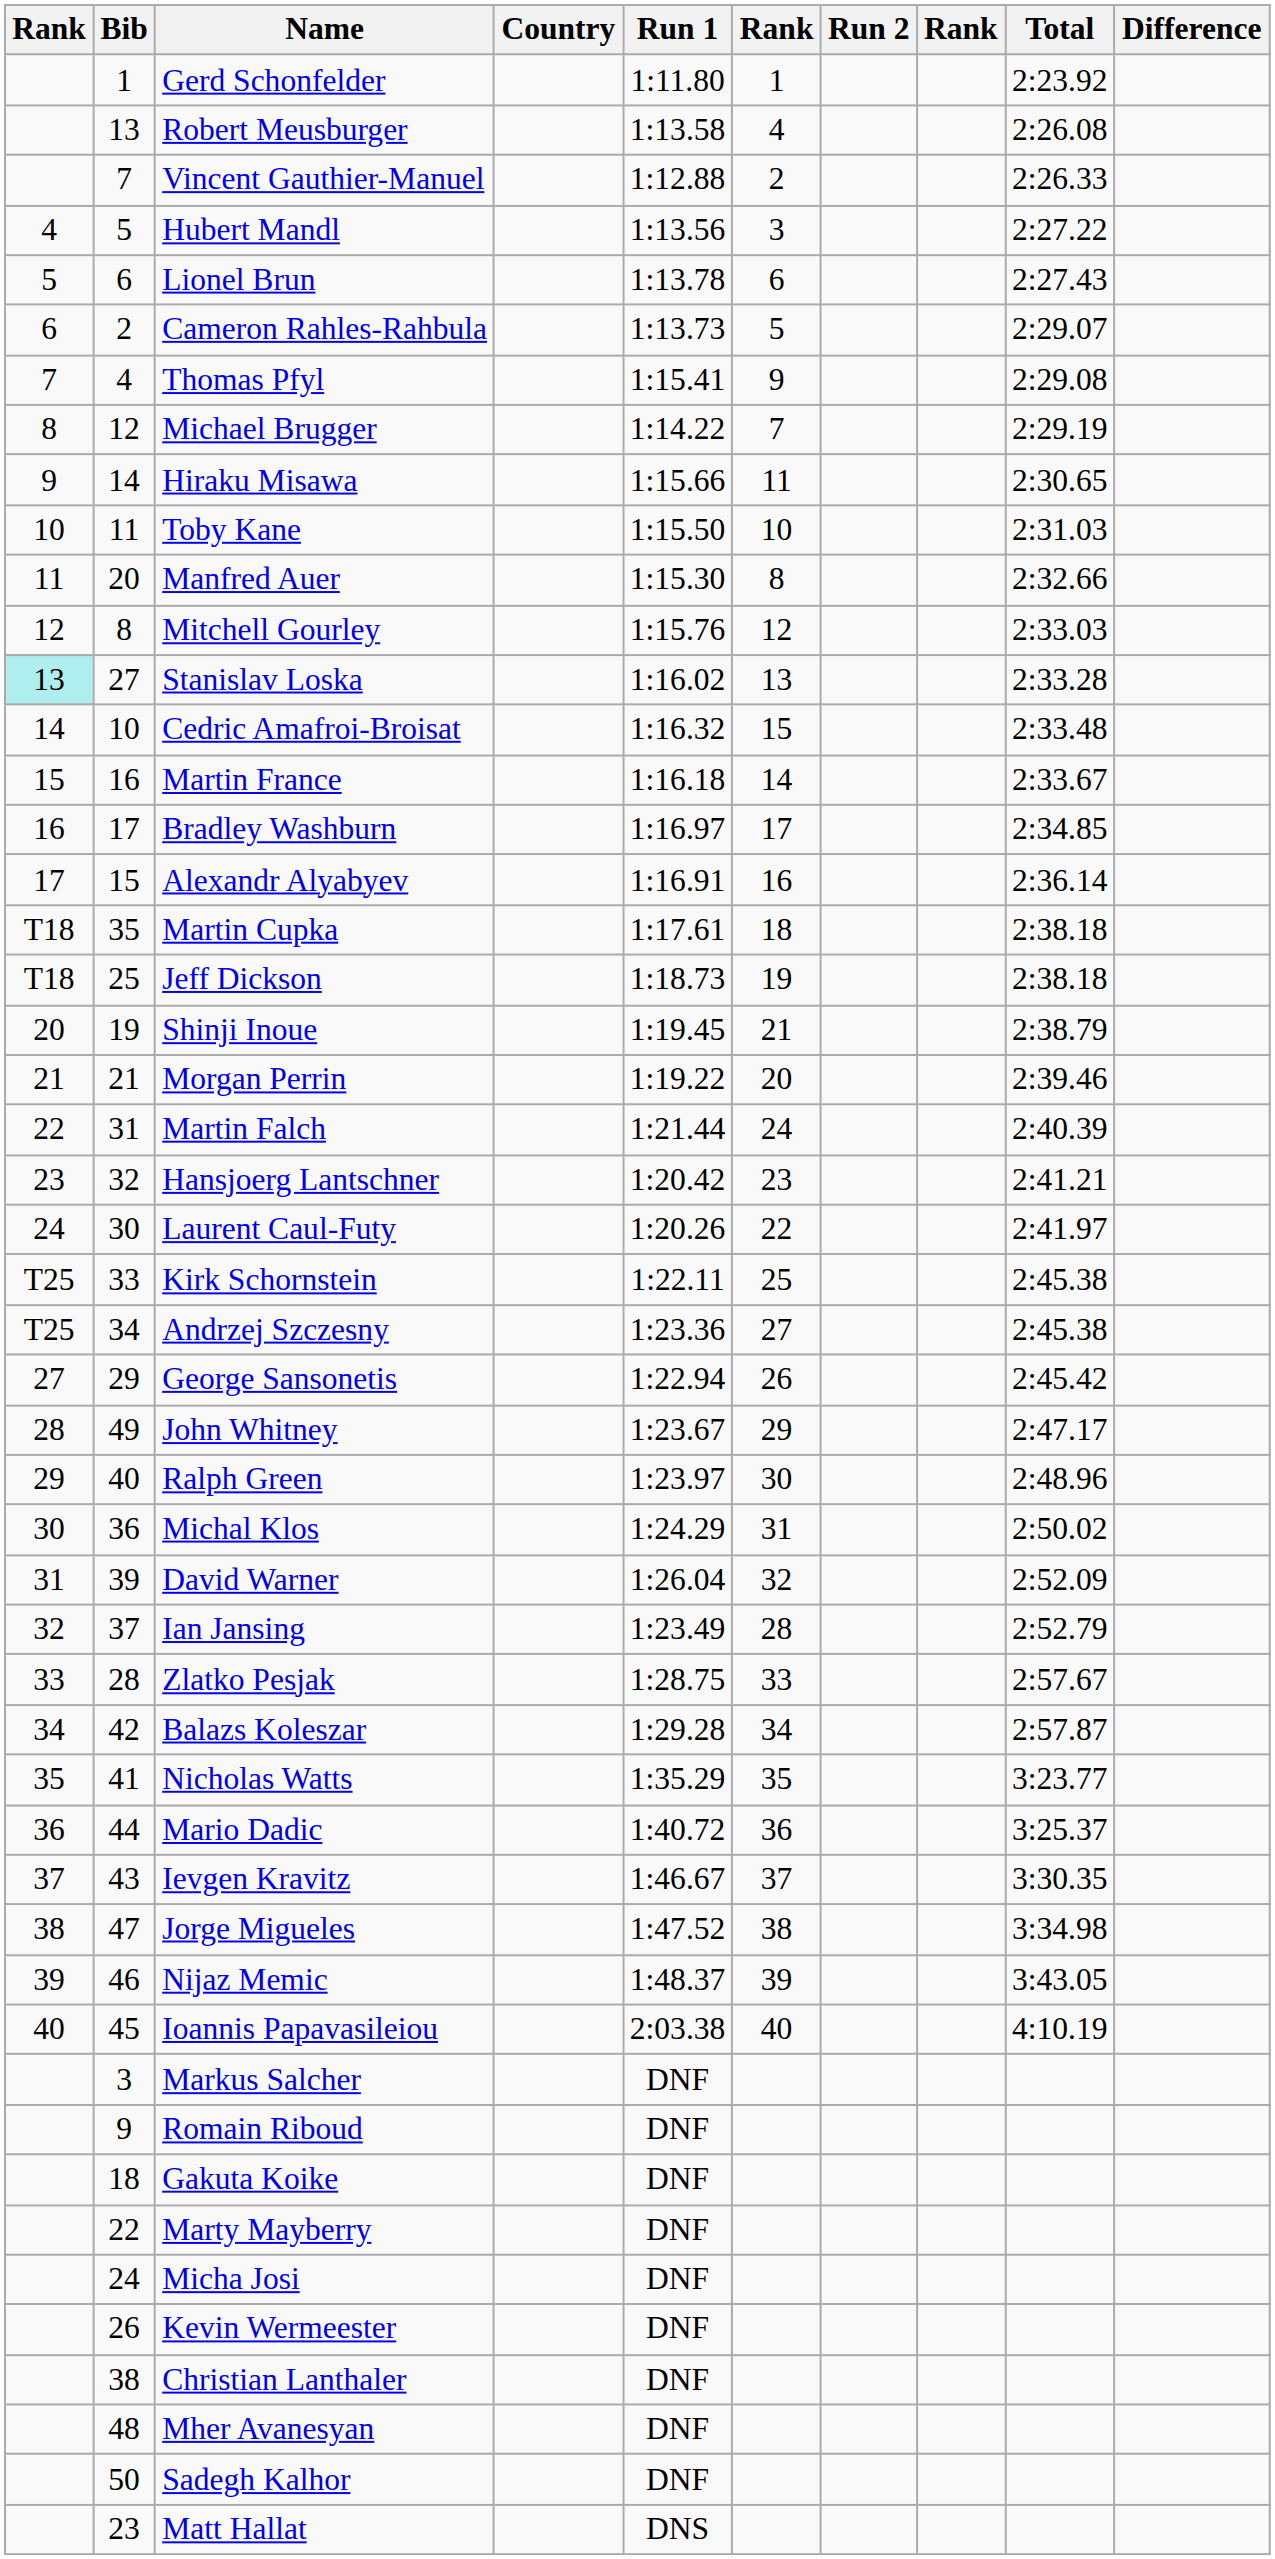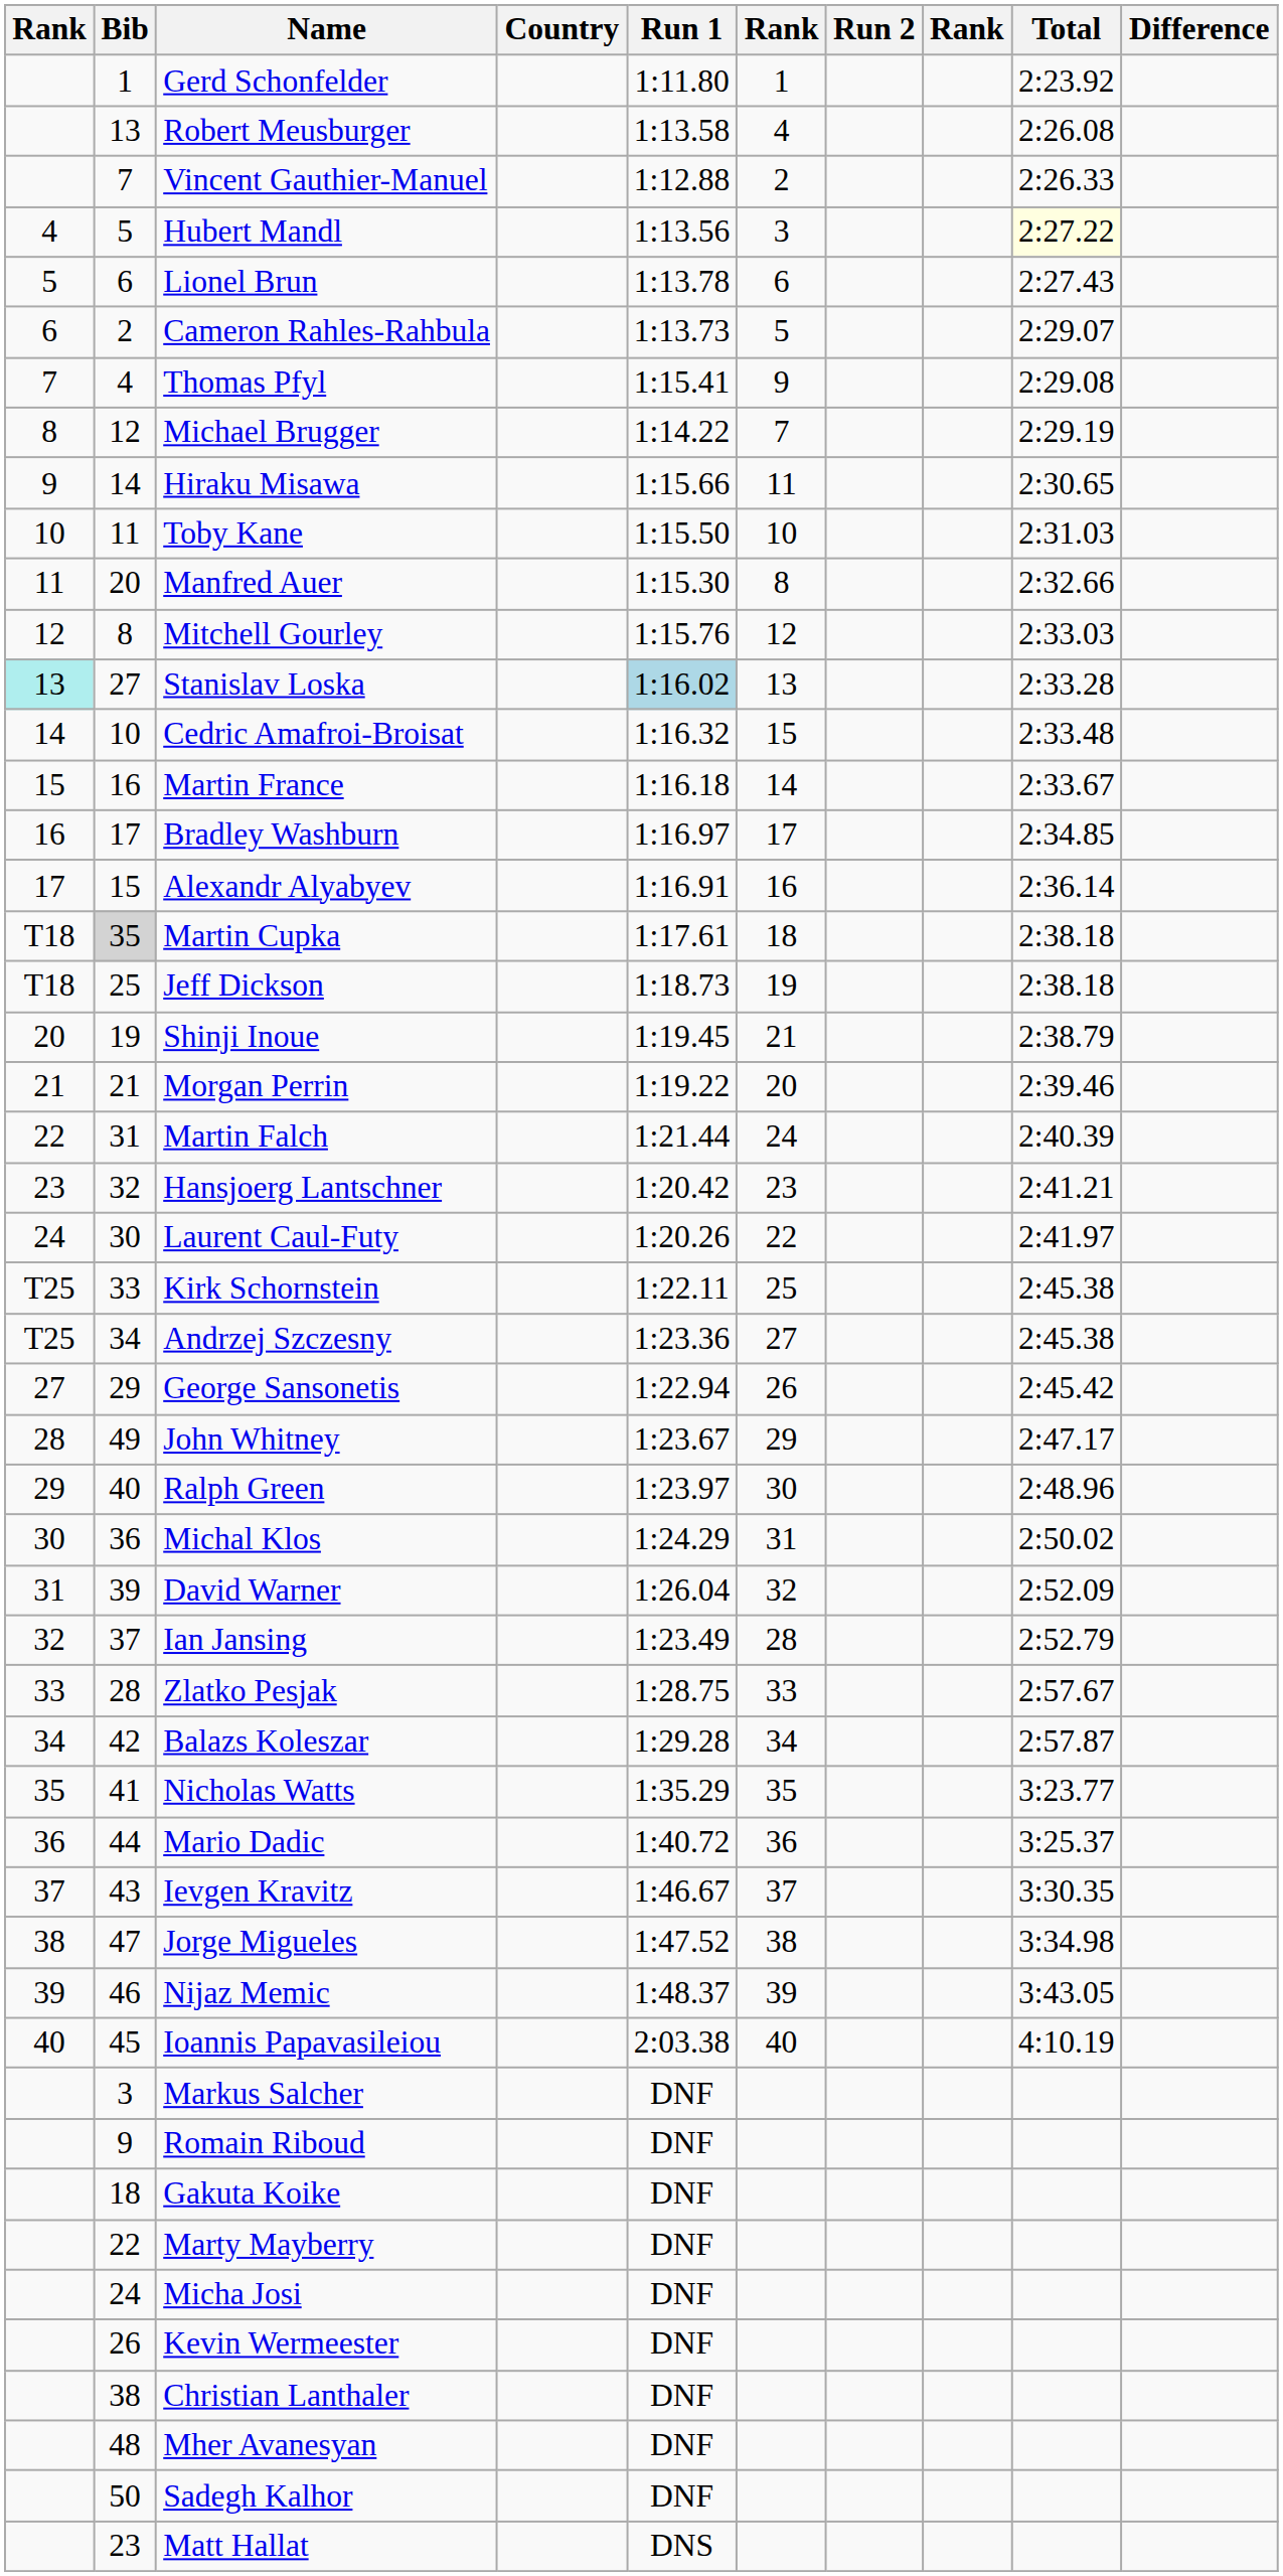 <table class="wikitable sortable" style="text-align:center">
 <tr>
 <th>Rank</th>
 <th>Bib</th>
 <th>Name</th>
 <th>Country</th>
 <th>Run 1</th>
 <th>Rank</th>
 <th>Run 2</th>
 <th>Rank</th>
 <th>Total</th>
 <th>Difference</th>
 </tr>
 <tr>
 <td></td>
 <td>1</td>
 <td align=left><a href='#'>Gerd Schonfelder</a></td>
 <td align=left></td>
 <td>1:11.80</td>
 <td>1</td>
 <td></td>
 <td></td>
 <td>2:23.92</td>
 <td></td>
 </tr>
 <tr>
 <td></td>
 <td>13</td>
 <td align=left><a href='#'>Robert Meusburger</a></td>
 <td align=left></td>
 <td>1:13.58</td>
 <td>4</td>
 <td></td>
 <td></td>
 <td>2:26.08</td>
 <td></td>
 </tr>
 <tr>
 <td></td>
 <td>7</td>
 <td align=left><a href='#'>Vincent Gauthier-Manuel</a></td>
 <td align=left></td>
 <td>1:12.88</td>
 <td>2</td>
 <td></td>
 <td></td>
 <td>2:26.33</td>
 <td></td>
 </tr>
 <tr>
 <td>4</td>
 <td>5</td>
 <td align=left><a href='#'>Hubert Mandl</a></td>
 <td align=left></td>
 <td>1:13.56</td>
 <td>3</td>
 <td></td>
 <td></td>
-<td>2:27.22</td>
+<td style="background: lightyellow;">2:27.22</td>
 <td></td>
 </tr>
 <tr>
 <td>5</td>
 <td>6</td>
 <td align=left><a href='#'>Lionel Brun</a></td>
 <td align=left></td>
 <td>1:13.78</td>
 <td>6</td>
 <td></td>
 <td></td>
 <td>2:27.43</td>
 <td></td>
 </tr>
 <tr>
 <td>6</td>
 <td>2</td>
 <td align=left><a href='#'>Cameron Rahles-Rahbula</a></td>
 <td align=left></td>
 <td>1:13.73</td>
 <td>5</td>
 <td></td>
 <td></td>
 <td>2:29.07</td>
 <td></td>
 </tr>
 <tr>
 <td>7</td>
 <td>4</td>
 <td align=left><a href='#'>Thomas Pfyl</a></td>
 <td align=left></td>
 <td>1:15.41</td>
 <td>9</td>
 <td></td>
 <td></td>
 <td>2:29.08</td>
 <td></td>
 </tr>
 <tr>
 <td>8</td>
 <td>12</td>
 <td align=left><a href='#'>Michael Brugger</a></td>
 <td align=left></td>
 <td>1:14.22</td>
 <td>7</td>
 <td></td>
 <td></td>
 <td>2:29.19</td>
 <td></td>
 </tr>
 <tr>
 <td>9</td>
 <td>14</td>
 <td align=left><a href='#'>Hiraku Misawa</a></td>
 <td align=left></td>
 <td>1:15.66</td>
 <td>11</td>
 <td></td>
 <td></td>
 <td>2:30.65</td>
 <td></td>
 </tr>
 <tr>
 <td>10</td>
 <td>11</td>
 <td align=left><a href='#'>Toby Kane</a></td>
 <td align=left></td>
 <td>1:15.50</td>
 <td>10</td>
 <td></td>
 <td></td>
 <td>2:31.03</td>
 <td></td>
 </tr>
 <tr>
 <td>11</td>
 <td>20</td>
 <td align=left><a href='#'>Manfred Auer</a></td>
 <td align=left></td>
 <td>1:15.30</td>
 <td>8</td>
 <td></td>
 <td></td>
 <td>2:32.66</td>
 <td></td>
 </tr>
 <tr>
 <td>12</td>
 <td>8</td>
 <td align=left><a href='#'>Mitchell Gourley</a></td>
 <td align=left></td>
 <td>1:15.76</td>
 <td>12</td>
 <td></td>
 <td></td>
 <td>2:33.03</td>
 <td></td>
 </tr>
 <tr>
 <td style="background: paleturquoise;">13</td>
 <td>27</td>
 <td align=left><a href='#'>Stanislav Loska</a></td>
 <td align=left></td>
-<td>1:16.02</td>
+<td style="background: lightblue;">1:16.02</td>
 <td>13</td>
 <td></td>
 <td></td>
 <td>2:33.28</td>
 <td></td>
 </tr>
 <tr>
 <td>14</td>
 <td>10</td>
 <td align=left><a href='#'>Cedric Amafroi-Broisat</a></td>
 <td align=left></td>
 <td>1:16.32</td>
 <td>15</td>
 <td></td>
 <td></td>
 <td>2:33.48</td>
 <td></td>
 </tr>
 <tr>
 <td>15</td>
 <td>16</td>
 <td align=left><a href='#'>Martin France</a></td>
 <td align=left></td>
 <td>1:16.18</td>
 <td>14</td>
 <td></td>
 <td></td>
 <td>2:33.67</td>
 <td></td>
 </tr>
 <tr>
 <td>16</td>
 <td>17</td>
 <td align=left><a href='#'>Bradley Washburn</a></td>
 <td align=left></td>
 <td>1:16.97</td>
 <td>17</td>
 <td></td>
 <td></td>
 <td>2:34.85</td>
 <td></td>
 </tr>
 <tr>
 <td>17</td>
 <td>15</td>
 <td align=left><a href='#'>Alexandr Alyabyev</a></td>
 <td align=left></td>
 <td>1:16.91</td>
 <td>16</td>
 <td></td>
 <td></td>
 <td>2:36.14</td>
 <td></td>
 </tr>
 <tr>
 <td>T18</td>
-<td>35</td>
+<td style="background: lightgrey;">35</td>
 <td align=left><a href='#'>Martin Cupka</a></td>
 <td align=left></td>
 <td>1:17.61</td>
 <td>18</td>
 <td></td>
 <td></td>
 <td>2:38.18</td>
 <td></td>
 </tr>
 <tr>
 <td>T18</td>
 <td>25</td>
 <td align=left><a href='#'>Jeff Dickson</a></td>
 <td align=left></td>
 <td>1:18.73</td>
 <td>19</td>
 <td></td>
 <td></td>
 <td>2:38.18</td>
 <td></td>
 </tr>
 <tr>
 <td>20</td>
 <td>19</td>
 <td align=left><a href='#'>Shinji Inoue</a></td>
 <td align=left></td>
 <td>1:19.45</td>
 <td>21</td>
 <td></td>
 <td></td>
 <td>2:38.79</td>
 <td></td>
 </tr>
 <tr>
 <td>21</td>
 <td>21</td>
 <td align=left><a href='#'>Morgan Perrin</a></td>
 <td align=left></td>
 <td>1:19.22</td>
 <td>20</td>
 <td></td>
 <td></td>
 <td>2:39.46</td>
 <td></td>
 </tr>
 <tr>
 <td>22</td>
 <td>31</td>
 <td align=left><a href='#'>Martin Falch</a></td>
 <td align=left></td>
 <td>1:21.44</td>
 <td>24</td>
 <td></td>
 <td></td>
 <td>2:40.39</td>
 <td></td>
 </tr>
 <tr>
 <td>23</td>
 <td>32</td>
 <td align=left><a href='#'>Hansjoerg Lantschner</a></td>
 <td align=left></td>
 <td>1:20.42</td>
 <td>23</td>
 <td></td>
 <td></td>
 <td>2:41.21</td>
 <td></td>
 </tr>
 <tr>
 <td>24</td>
 <td>30</td>
 <td align=left><a href='#'>Laurent Caul-Futy</a></td>
 <td align=left></td>
 <td>1:20.26</td>
 <td>22</td>
 <td></td>
 <td></td>
 <td>2:41.97</td>
 <td></td>
 </tr>
 <tr>
 <td>T25</td>
 <td>33</td>
 <td align=left><a href='#'>Kirk Schornstein</a></td>
 <td align=left></td>
 <td>1:22.11</td>
 <td>25</td>
 <td></td>
 <td></td>
 <td>2:45.38</td>
 <td></td>
 </tr>
 <tr>
 <td>T25</td>
 <td>34</td>
 <td align=left><a href='#'>Andrzej Szczesny</a></td>
 <td align=left></td>
 <td>1:23.36</td>
 <td>27</td>
 <td></td>
 <td></td>
 <td>2:45.38</td>
 <td></td>
 </tr>
 <tr>
 <td>27</td>
 <td>29</td>
 <td align=left><a href='#'>George Sansonetis</a></td>
 <td align=left></td>
 <td>1:22.94</td>
 <td>26</td>
 <td></td>
 <td></td>
 <td>2:45.42</td>
 <td></td>
 </tr>
 <tr>
 <td>28</td>
 <td>49</td>
 <td align=left><a href='#'>John Whitney</a></td>
 <td align=left></td>
 <td>1:23.67</td>
 <td>29</td>
 <td></td>
 <td></td>
 <td>2:47.17</td>
 <td></td>
 </tr>
 <tr>
 <td>29</td>
 <td>40</td>
 <td align=left><a href='#'>Ralph Green</a></td>
 <td align=left></td>
 <td>1:23.97</td>
 <td>30</td>
 <td></td>
 <td></td>
 <td>2:48.96</td>
 <td></td>
 </tr>
 <tr>
 <td>30</td>
 <td>36</td>
 <td align=left><a href='#'>Michal Klos</a></td>
 <td align=left></td>
 <td>1:24.29</td>
 <td>31</td>
 <td></td>
 <td></td>
 <td>2:50.02</td>
 <td></td>
 </tr>
 <tr>
 <td>31</td>
 <td>39</td>
 <td align=left><a href='#'>David Warner</a></td>
 <td align=left></td>
 <td>1:26.04</td>
 <td>32</td>
 <td></td>
 <td></td>
 <td>2:52.09</td>
 <td></td>
 </tr>
 <tr>
 <td>32</td>
 <td>37</td>
 <td align=left><a href='#'>Ian Jansing</a></td>
 <td align=left></td>
 <td>1:23.49</td>
 <td>28</td>
 <td></td>
 <td></td>
 <td>2:52.79</td>
 <td></td>
 </tr>
 <tr>
 <td>33</td>
 <td>28</td>
 <td align=left><a href='#'>Zlatko Pesjak</a></td>
 <td align=left></td>
 <td>1:28.75</td>
 <td>33</td>
 <td></td>
 <td></td>
 <td>2:57.67</td>
 <td></td>
 </tr>
 <tr>
 <td>34</td>
 <td>42</td>
 <td align=left><a href='#'>Balazs Koleszar</a></td>
 <td align=left></td>
 <td>1:29.28</td>
 <td>34</td>
 <td></td>
 <td></td>
 <td>2:57.87</td>
 <td></td>
 </tr>
 <tr>
 <td>35</td>
 <td>41</td>
 <td align=left><a href='#'>Nicholas Watts</a></td>
 <td align=left></td>
 <td>1:35.29</td>
 <td>35</td>
 <td></td>
 <td></td>
 <td>3:23.77</td>
 <td></td>
 </tr>
 <tr>
 <td>36</td>
 <td>44</td>
 <td align=left><a href='#'>Mario Dadic</a></td>
 <td align=left></td>
 <td>1:40.72</td>
 <td>36</td>
 <td></td>
 <td></td>
 <td>3:25.37</td>
 <td></td>
 </tr>
 <tr>
 <td>37</td>
 <td>43</td>
 <td align=left><a href='#'>Ievgen Kravitz</a></td>
 <td align=left></td>
 <td>1:46.67</td>
 <td>37</td>
 <td></td>
 <td></td>
 <td>3:30.35</td>
 <td></td>
 </tr>
 <tr>
 <td>38</td>
 <td>47</td>
 <td align=left><a href='#'>Jorge Migueles</a></td>
 <td align=left></td>
 <td>1:47.52</td>
 <td>38</td>
 <td></td>
 <td></td>
 <td>3:34.98</td>
 <td></td>
 </tr>
 <tr>
 <td>39</td>
 <td>46</td>
 <td align=left><a href='#'>Nijaz Memic</a></td>
 <td align=left></td>
 <td>1:48.37</td>
 <td>39</td>
 <td></td>
 <td></td>
 <td>3:43.05</td>
 <td></td>
 </tr>
 <tr>
 <td>40</td>
 <td>45</td>
 <td align=left><a href='#'>Ioannis Papavasileiou</a></td>
 <td align=left></td>
 <td>2:03.38</td>
 <td>40</td>
 <td></td>
 <td></td>
 <td>4:10.19</td>
 <td></td>
 </tr>
 <tr>
 <td></td>
 <td>3</td>
 <td align=left><a href='#'>Markus Salcher</a></td>
 <td align=left></td>
 <td>DNF</td>
 <td></td>
 <td></td>
 <td></td>
 <td></td>
 <td></td>
 </tr>
 <tr>
 <td></td>
 <td>9</td>
 <td align=left><a href='#'>Romain Riboud</a></td>
 <td align=left></td>
 <td>DNF</td>
 <td></td>
 <td></td>
 <td></td>
 <td></td>
 <td></td>
 </tr>
 <tr>
 <td></td>
 <td>18</td>
 <td align=left><a href='#'>Gakuta Koike</a></td>
 <td align=left></td>
 <td>DNF</td>
 <td></td>
 <td></td>
 <td></td>
 <td></td>
 <td></td>
 </tr>
 <tr>
 <td></td>
 <td>22</td>
 <td align=left><a href='#'>Marty Mayberry</a></td>
 <td align=left></td>
 <td>DNF</td>
 <td></td>
 <td></td>
 <td></td>
 <td></td>
 <td></td>
 </tr>
 <tr>
 <td></td>
 <td>24</td>
 <td align=left><a href='#'>Micha Josi</a></td>
 <td align=left></td>
 <td>DNF</td>
 <td></td>
 <td></td>
 <td></td>
 <td></td>
 <td></td>
 </tr>
 <tr>
 <td></td>
 <td>26</td>
 <td align=left><a href='#'>Kevin Wermeester</a></td>
 <td align=left></td>
 <td>DNF</td>
 <td></td>
 <td></td>
 <td></td>
 <td></td>
 <td></td>
 </tr>
 <tr>
 <td></td>
 <td>38</td>
 <td align=left><a href='#'>Christian Lanthaler</a></td>
 <td align=left></td>
 <td>DNF</td>
 <td></td>
 <td></td>
 <td></td>
 <td></td>
 <td></td>
 </tr>
 <tr>
 <td></td>
 <td>48</td>
 <td align=left><a href='#'>Mher Avanesyan</a></td>
 <td align=left></td>
 <td>DNF</td>
 <td></td>
 <td></td>
 <td></td>
 <td></td>
 <td></td>
 </tr>
 <tr>
 <td></td>
 <td>50</td>
 <td align=left><a href='#'>Sadegh Kalhor</a></td>
 <td align=left></td>
 <td>DNF</td>
 <td></td>
 <td></td>
 <td></td>
 <td></td>
 <td></td>
 </tr>
 <tr>
 <td></td>
 <td>23</td>
 <td align=left><a href='#'>Matt Hallat</a></td>
 <td align=left></td>
 <td>DNS</td>
 <td></td>
 <td></td>
 <td></td>
 <td></td>
 <td></td>
 </tr>
 </table>
